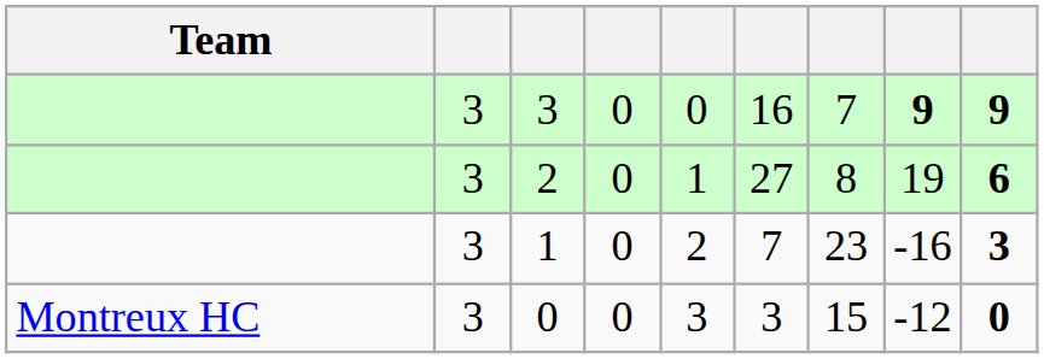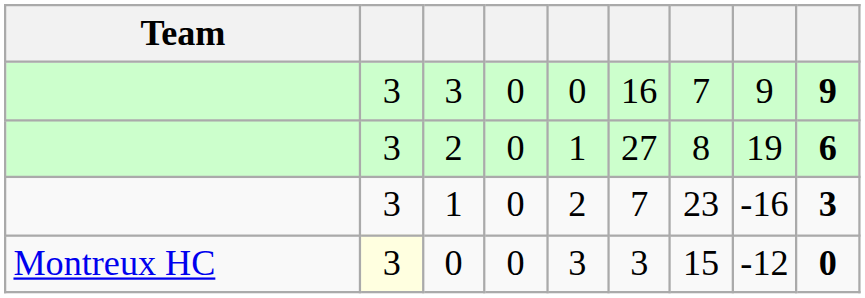 <table class="wikitable" style="text-align:center;">
 <tr>
 <th width=150>Team</th>
 <th width=20></th>
 <th width=20></th>
 <th width=20></th>
 <th width=20></th>
 <th width=20></th>
 <th width=20></th>
 <th width=20></th>
 <th width=20></th>
 </tr>
 <tr bgcolor="#ccffcc">
 <td align=left></td>
 <td>3</td>
 <td>3</td>
 <td>0</td>
 <td>0</td>
 <td>16</td>
 <td>7</td>
-<td><strong>9</strong></td>
+<td>9</td>
 <td><strong>9</strong></td>
 </tr>
 <tr bgcolor="#ccffcc">
 <td align=left></td>
 <td>3</td>
 <td>2</td>
 <td>0</td>
 <td>1</td>
 <td>27</td>
 <td>8</td>
 <td>19</td>
 <td><strong>6</strong></td>
 </tr>
 <tr>
 <td align=left></td>
 <td>3</td>
 <td>1</td>
 <td>0</td>
 <td>2</td>
 <td>7</td>
 <td>23</td>
 <td>-16</td>
 <td><strong>3</strong></td>
 </tr>
 <tr>
 <td align=left> <a href='#'>Montreux HC</a></td>
-<td>3</td>
+<td style="background: lightyellow;">3</td>
 <td>0</td>
 <td>0</td>
 <td>3</td>
 <td>3</td>
 <td>15</td>
 <td>-12</td>
 <td><strong>0</strong></td>
 </tr>
 </table>
